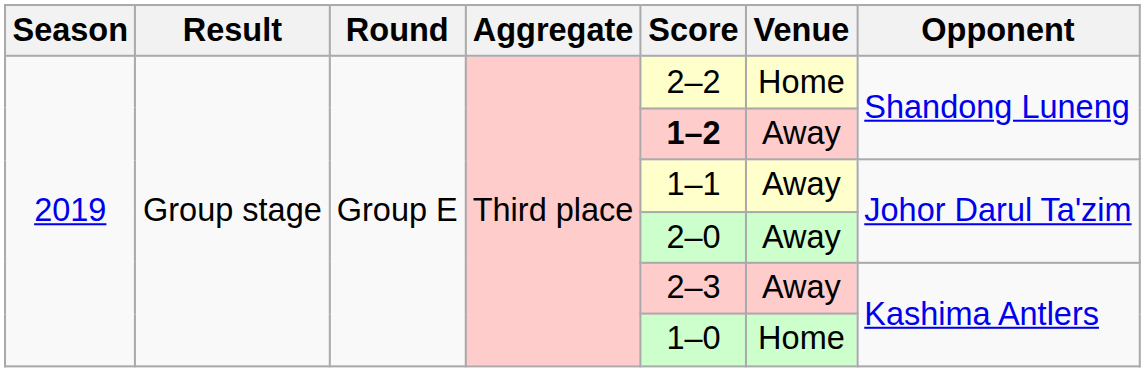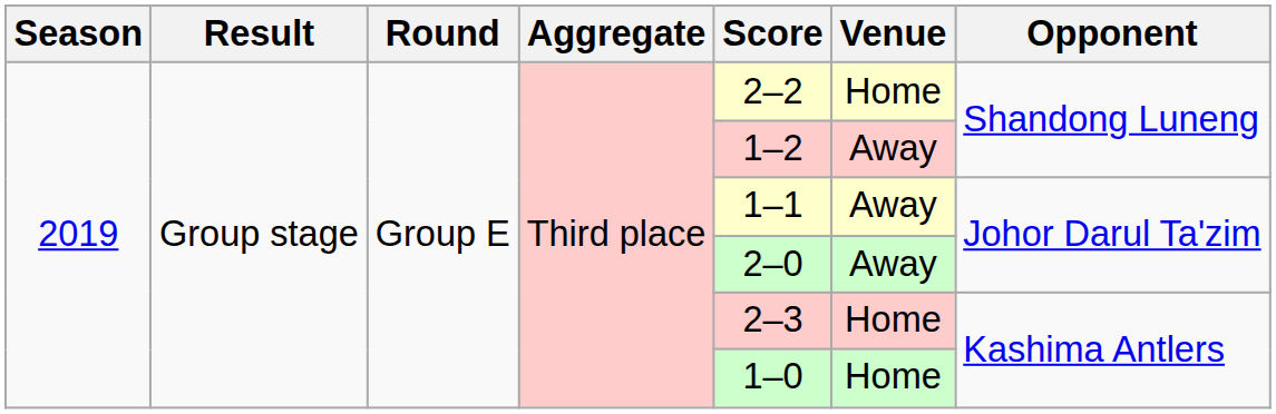 <table class="wikitable" style="text-align:center">
 <tr>
 <th>Season</th>
 <th>Result</th>
 <th>Round</th>
 <th>Aggregate</th>
 <th>Score</th>
 <th>Venue</th>
 <th>Opponent</th>
 </tr>
 <tr>
 <td rowspan="6"><a href='#'>2019</a></td>
 <td rowspan="6">Group stage</td>
 <td rowspan="6">Group E</td>
 <td rowspan="6" style="background:#fcc">Third place</td>
 <td style="background:#ffc">2–2</td>
 <td style="background:#ffc">Home</td>
 <td rowspan="2" align="left"> <a href='#'>Shandong Luneng</a></td>
 </tr>
 <tr>
-<td style="background:#fcc"><strong>1–2</strong></td>
+<td style="background:#fcc">1–2</td>
 <td style="background:#fcc">Away</td>
 </tr>
 <tr>
 <td style="background:#ffc">1–1</td>
 <td style="background:#ffc">Away</td>
 <td rowspan="2" align="left"> <a href='#'>Johor Darul Ta'zim</a></td>
 </tr>
 <tr>
 <td style="background:#cfc">2–0</td>
 <td style="background:#cfc">Away</td>
 </tr>
 <tr>
 <td style="background:#fcc">2–3</td>
-<td style="background:#fcc">Away</td>
+<td style="background:#fcc">Home</td>
 <td rowspan="2" align="left"> <a href='#'>Kashima Antlers</a></td>
 </tr>
 <tr>
 <td style="background:#cfc">1–0</td>
 <td style="background:#cfc">Home</td>
 </tr>
 </table>
